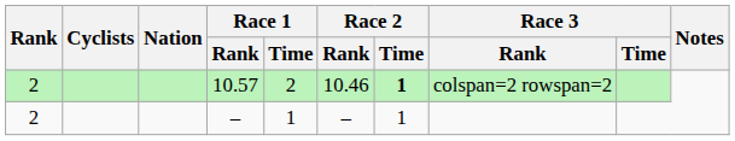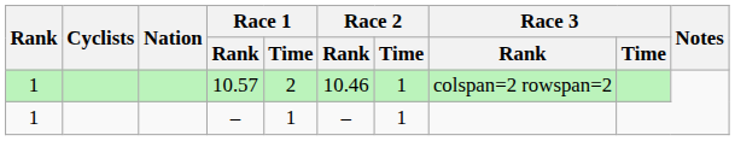 <table class="wikitable sortable" style="text-align:center">
 <tr>
 <th rowspan=2>Rank</th>
 <th rowspan=2>Cyclists</th>
 <th rowspan=2>Nation</th>
 <th colspan=2>Race 1</th>
 <th colspan=2>Race 2</th>
 <th colspan=2>Race 3</th>
 <th rowspan=2>Notes</th>
 </tr>
 <tr>
 <th>Rank</th>
 <th>Time</th>
 <th>Rank</th>
 <th>Time</th>
 <th>Rank</th>
 <th>Time</th>
 </tr>
 <tr bgcolor=bbf3bb>
-<td>2</td>
+<td>1</td>
 <td align=left></td>
 <td align=left></td>
 <td>10.57</td>
 <td>2</td>
 <td>10.46</td>
-<td><strong>1</strong></td>
+<td>1</td>
 <td>colspan=2 rowspan=2 </td>
 <td></td>
 </tr>
 <tr>
-<td>2</td>
+<td>1</td>
 <td align=left></td>
 <td align=left></td>
 <td>–</td>
 <td>1</td>
 <td>–</td>
 <td>1</td>
 <td></td>
 </tr>
 </table>
